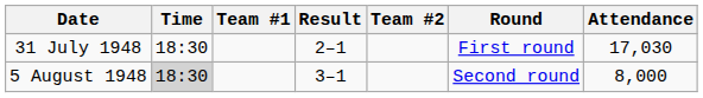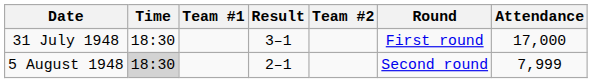 <table class=wikitable style="text-align:center">
 <tr>
 <th>Date</th>
 <th>Time</th>
 <th>Team #1</th>
 <th>Result</th>
 <th>Team #2</th>
 <th>Round</th>
 <th>Attendance</th>
 </tr>
 <tr>
 <td>31 July 1948</td>
 <td>18:30</td>
 <td></td>
-<td>2–1</td>
+<td>3–1</td>
 <td></td>
 <td><a href='#'>First round</a></td>
-<td>17,030</td>
+<td>17,000</td>
 </tr>
 <tr>
 <td>5 August 1948</td>
 <td style="background: lightgrey;">18:30</td>
 <td></td>
-<td>3–1</td>
+<td>2–1</td>
 <td></td>
 <td><a href='#'>Second round</a></td>
-<td>8,000</td>
+<td>7,999</td>
 </tr>
 </table>
